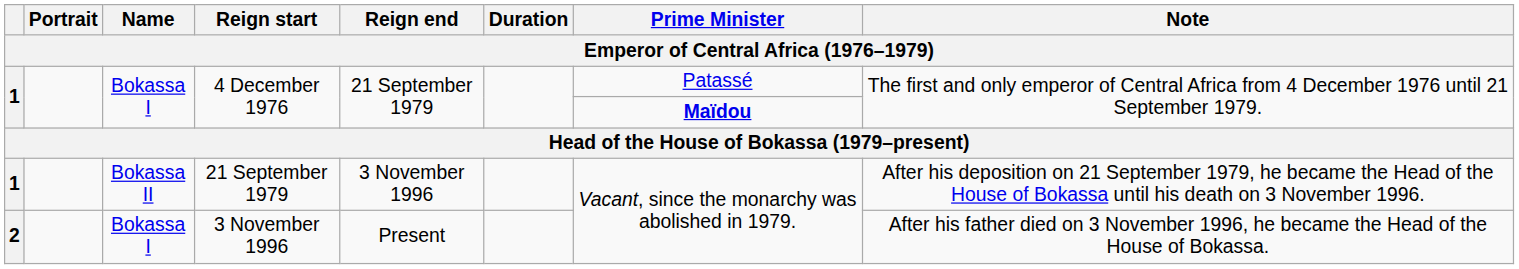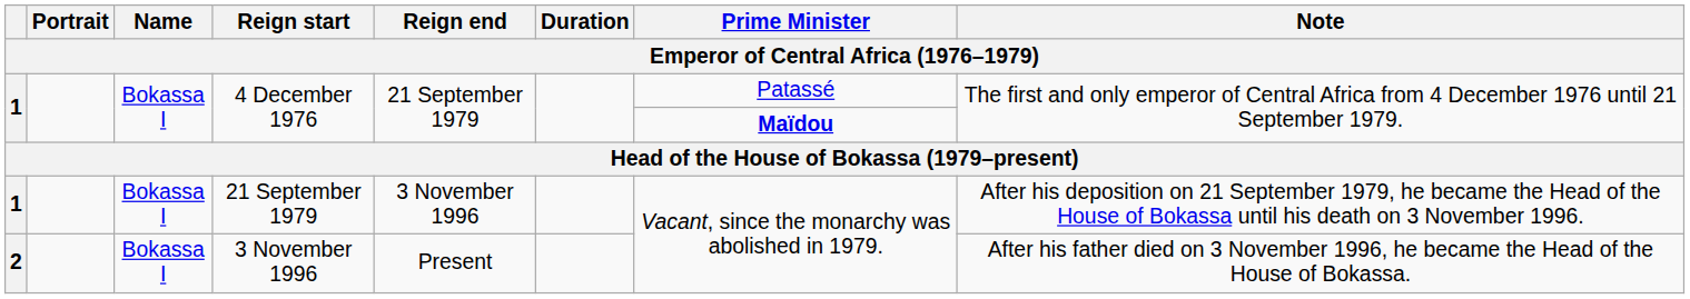 <table class="wikitable" style="text-align:center">
 <tr>
 <th></th>
 <th>Portrait</th>
 <th>Name<br></th>
 <th>Reign start</th>
 <th>Reign end</th>
 <th>Duration</th>
 <th><a href='#'>Prime Minister</a></th>
 <th>Note</th>
 </tr>
 <tr>
 <th colspan="8">Emperor of Central Africa (1976–1979)</th>
 </tr>
 <tr>
 <th rowspan="2">1</th>
 <td rowspan="2"></td>
 <td rowspan="2"><a href='#'>Bokassa I</a><br></td>
 <td rowspan="2">4 December 1976</td>
 <td rowspan="2">21 September 1979<br></td>
 <td rowspan="2"></td>
 <td><a href='#'>Patassé</a><br></td>
 <td rowspan="2">The first and only emperor of Central Africa from 4 December 1976 until 21 September 1979.</td>
 </tr>
 <tr>
 <td><strong><a href='#'>Maïdou</a><br></strong></td>
 </tr>
 <tr>
 <th colspan="8">Head of the House of Bokassa (1979–present)</th>
 </tr>
 <tr>
 <th>1</th>
 <td></td>
-<td><a href='#'>Bokassa II</a><br></td>
+<td><a href='#'>Bokassa I</a><br></td>
 <td>21 September 1979</td>
 <td>3 November 1996<br></td>
 <td></td>
 <td rowspan="2"><em>Vacant</em>, since the monarchy was abolished in 1979.</td>
 <td>After his deposition on 21 September 1979, he became the Head of the <a href='#'>House of Bokassa</a> until his death on 3 November 1996.</td>
 </tr>
 <tr>
 <th>2</th>
 <td></td>
 <td><a href='#'>Bokassa I</a><br></td>
 <td>3 November 1996</td>
 <td>Present</td>
 <td></td>
 <td>After his father died on 3 November 1996, he became the Head of the House of Bokassa.</td>
 </tr>
 </table>
